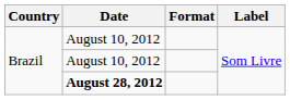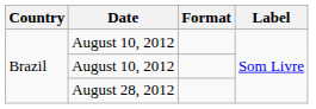 <table class="wikitable plainrowheaders">
 <tr>
 <th scope="col">Country</th>
 <th scope="col">Date</th>
 <th scope="col">Format</th>
 <th scope="col">Label</th>
 </tr>
 <tr>
 <td rowspan="3">Brazil</td>
 <td rowspan="1">August 10, 2012</td>
 <td rowspan="1"></td>
 <td rowspan="3"><a href='#'>Som Livre</a></td>
 </tr>
 <tr>
 <td rowspan="1">August 10, 2012</td>
 <td rowspan="1"></td>
 </tr>
 <tr>
-<td rowspan="1"><strong>August 28, 2012</strong></td>
+<td rowspan="1">August 28, 2012</td>
 <td rowspan="1"></td>
 </tr>
 </table>
